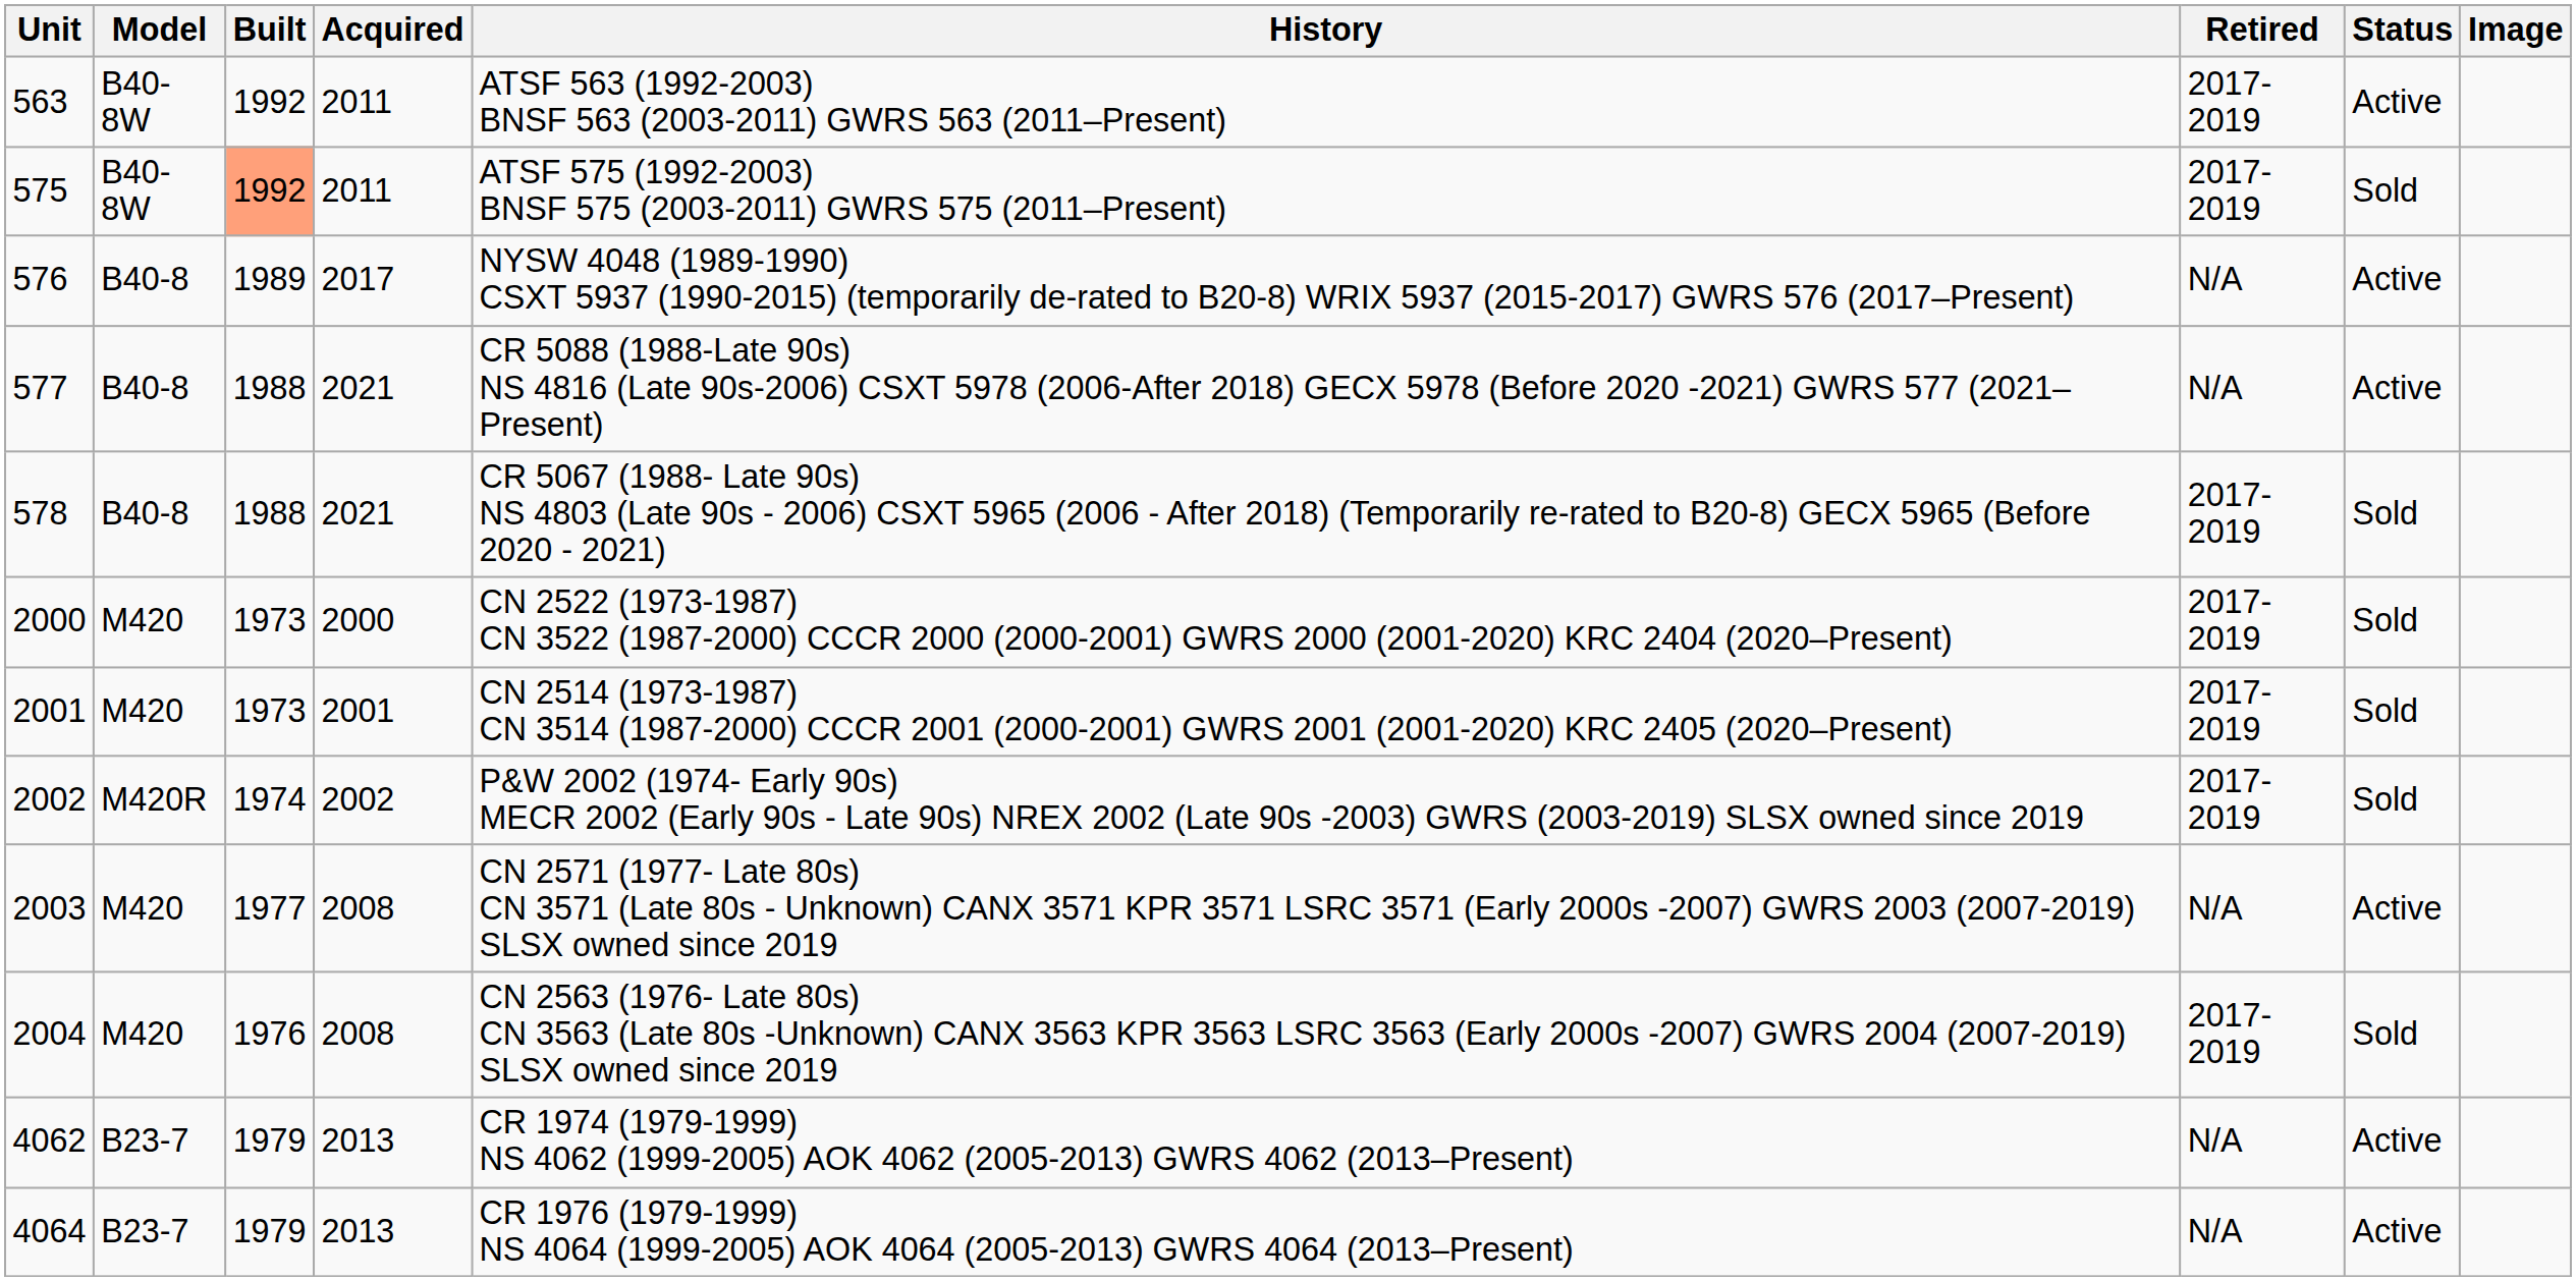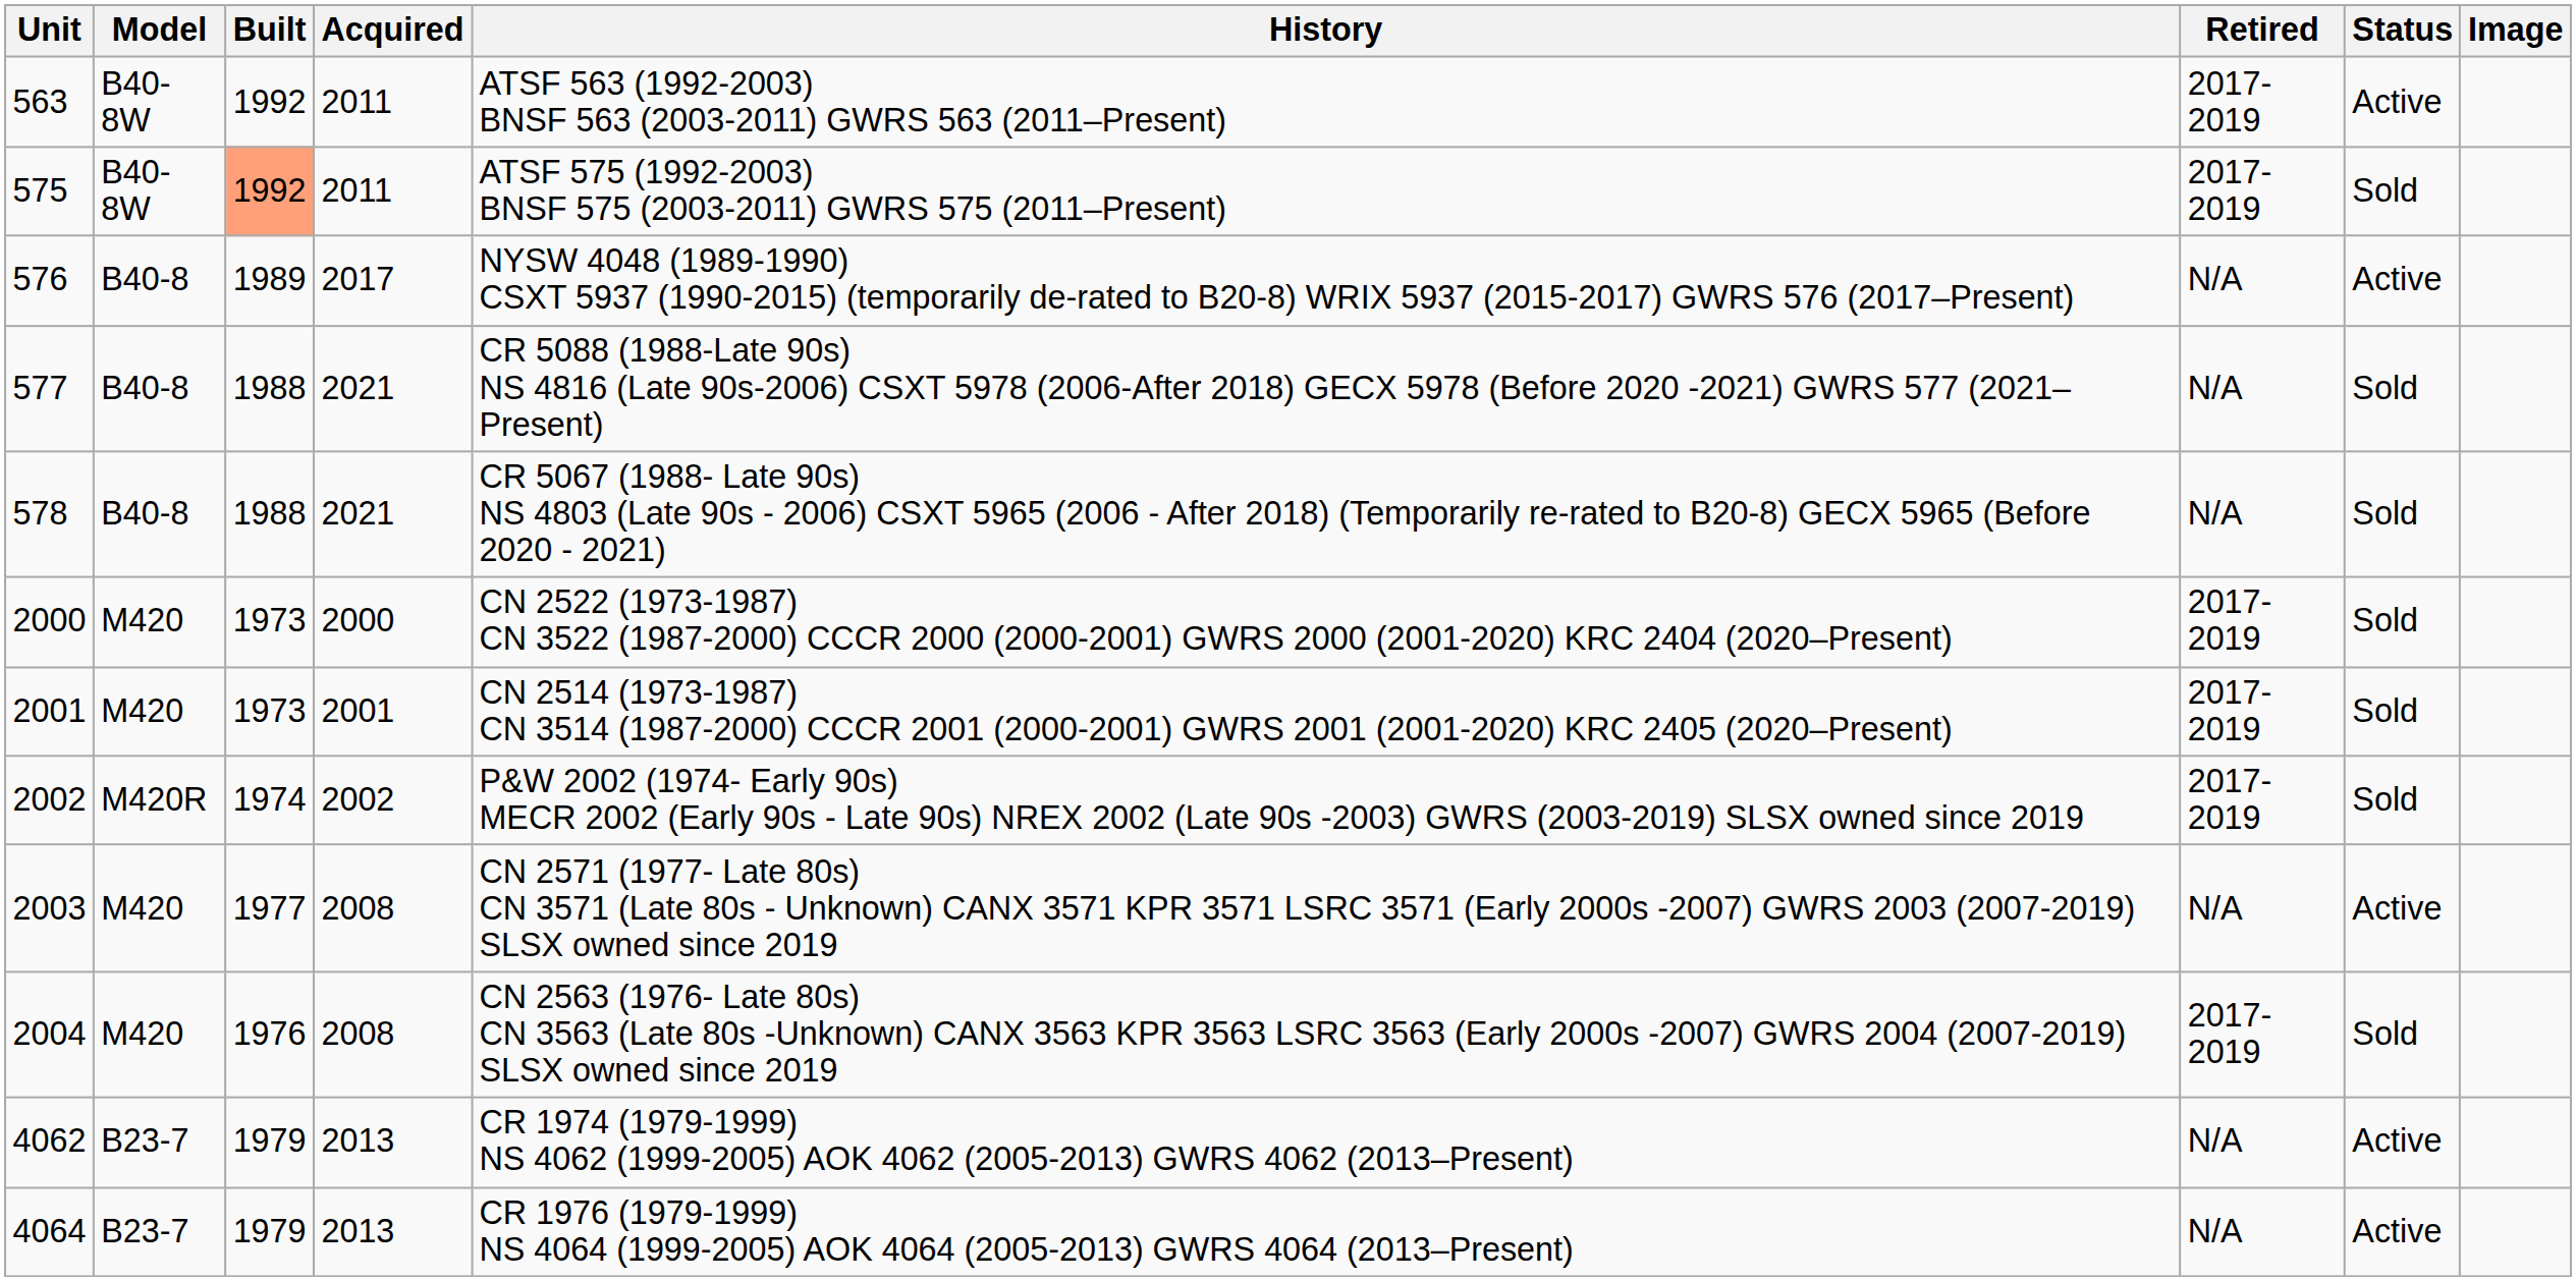 <table class="wikitable" border="1">
 <tr>
 <th>Unit</th>
 <th>Model</th>
 <th>Built</th>
 <th>Acquired</th>
 <th>History</th>
 <th>Retired</th>
 <th>Status</th>
 <th>Image</th>
 </tr>
 <tr>
 <td>563</td>
 <td>B40-8W</td>
 <td>1992</td>
 <td>2011 </td>
 <td>ATSF 563 (1992-2003)<br>BNSF 563 (2003-2011) GWRS 563 (2011–Present)</td>
 <td>2017-2019</td>
 <td>Active</td>
 <td></td>
 </tr>
 <tr>
 <td>575</td>
 <td>B40-8W</td>
 <td style="background: lightsalmon;">1992</td>
 <td>2011 </td>
 <td>ATSF 575 (1992-2003)<br>BNSF 575 (2003-2011) GWRS 575 (2011–Present)</td>
 <td>2017-2019</td>
 <td>Sold</td>
 <td></td>
 </tr>
 <tr>
 <td>576</td>
 <td>B40-8</td>
 <td>1989</td>
 <td>2017</td>
 <td>NYSW 4048 (1989-1990)<br>CSXT 5937 (1990-2015) (temporarily de-rated to B20-8) WRIX 5937 (2015-2017) GWRS 576 (2017–Present)</td>
 <td>N/A</td>
 <td>Active</td>
 <td></td>
 </tr>
 <tr>
 <td>577</td>
 <td>B40-8</td>
 <td>1988</td>
 <td>2021 </td>
 <td>CR 5088 (1988-Late 90s)<br>NS 4816 (Late 90s-2006) CSXT 5978 (2006-After 2018) GECX 5978 (Before 2020 -2021) GWRS 577 (2021–Present)</td>
 <td>N/A</td>
-<td>Active</td>
+<td>Sold</td>
 <td></td>
 </tr>
 <tr>
 <td>578</td>
 <td>B40-8</td>
 <td>1988</td>
 <td>2021 </td>
 <td>CR 5067 (1988- Late 90s)<br>NS 4803 (Late 90s - 2006) CSXT 5965 (2006 - After 2018) (Temporarily re-rated to B20-8) GECX 5965 (Before 2020 - 2021)</td>
-<td>2017-2019</td>
+<td>N/A</td>
 <td>Sold</td>
 <td></td>
 </tr>
 <tr>
 <td>2000</td>
 <td>M420</td>
 <td>1973</td>
 <td>2000 </td>
 <td>CN 2522 (1973-1987)<br>CN 3522 (1987-2000) CCCR 2000 (2000-2001) GWRS 2000 (2001-2020) KRC 2404 (2020–Present) </td>
 <td>2017-2019</td>
 <td>Sold</td>
 <td></td>
 </tr>
 <tr>
 <td>2001</td>
 <td>M420</td>
 <td>1973</td>
 <td>2001 </td>
 <td>CN 2514 (1973-1987)<br>CN 3514 (1987-2000) CCCR 2001 (2000-2001) GWRS 2001 (2001-2020) KRC 2405 (2020–Present)</td>
 <td>2017-2019</td>
 <td>Sold</td>
 <td></td>
 </tr>
 <tr>
 <td>2002</td>
 <td>M420R</td>
 <td>1974</td>
 <td>2002 </td>
 <td>P&W 2002 (1974- Early 90s)<br>MECR 2002 (Early 90s - Late 90s) NREX 2002 (Late 90s -2003) GWRS (2003-2019) SLSX owned since 2019</td>
 <td>2017-2019</td>
 <td>Sold</td>
 <td></td>
 </tr>
 <tr>
 <td>2003</td>
 <td>M420</td>
 <td>1977</td>
 <td>2008 </td>
 <td>CN 2571 (1977- Late 80s)<br>CN 3571 (Late 80s - Unknown) CANX 3571 KPR 3571 LSRC 3571 (Early 2000s -2007) GWRS 2003 (2007-2019) SLSX owned since 2019</td>
 <td>N/A</td>
 <td>Active</td>
 <td></td>
 </tr>
 <tr>
 <td>2004</td>
 <td>M420</td>
 <td>1976</td>
 <td>2008  </td>
 <td>CN 2563 (1976- Late 80s)<br>CN 3563 (Late 80s -Unknown) CANX 3563 KPR 3563  LSRC 3563 (Early 2000s -2007) GWRS 2004 (2007-2019) SLSX owned since 2019</td>
 <td>2017-2019</td>
 <td>Sold</td>
 </tr>
 <tr>
 <td>4062</td>
 <td>B23-7</td>
 <td>1979</td>
 <td>2013</td>
 <td>CR 1974 (1979-1999)<br>NS 4062 (1999-2005) AOK 4062 (2005-2013) GWRS 4062 (2013–Present)</td>
 <td>N/A</td>
 <td>Active</td>
 <td></td>
 </tr>
 <tr>
 <td>4064</td>
 <td>B23-7</td>
 <td>1979</td>
 <td>2013</td>
 <td>CR 1976 (1979-1999)<br>NS 4064 (1999-2005) AOK 4064 (2005-2013) GWRS 4064 (2013–Present)</td>
 <td>N/A</td>
 <td>Active</td>
 <td></td>
 </tr>
 </table>
